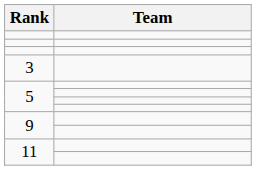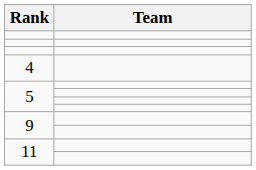 <table class="wikitable" style="text-align: center;">
 <tr>
 <th width=40>Rank</th>
 <th width=180>Team</th>
 </tr>
 <tr align=center>
 <td></td>
 <td style="text-align:left;"></td>
 </tr>
 <tr align=center>
 <td></td>
 <td style="text-align:left;"></td>
 </tr>
 <tr align=center>
 <td></td>
 <td style="text-align:left;"></td>
 </tr>
 <tr align=center>
-<td>3</td>
+<td>4</td>
 <td style="text-align:left;"></td>
 </tr>
 <tr align=center>
 <td rowspan=4>5</td>
 <td style="text-align:left;"></td>
 </tr>
 <tr align=center>
 <td style="text-align:left;"></td>
 </tr>
 <tr align=center>
 <td style="text-align:left;"></td>
 </tr>
 <tr align=center>
 <td style="text-align:left;"></td>
 </tr>
 <tr align=center>
 <td rowspan=2>9</td>
 <td style="text-align:left;"></td>
 </tr>
 <tr align=center>
 <td style="text-align:left;"></td>
 </tr>
 <tr align=center>
 <td rowspan=2>11</td>
 <td style="text-align:left;"></td>
 </tr>
 <tr align=center>
 <td style="text-align:left;"></td>
 </tr>
 </table>
